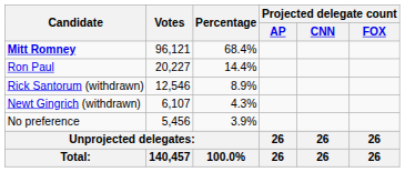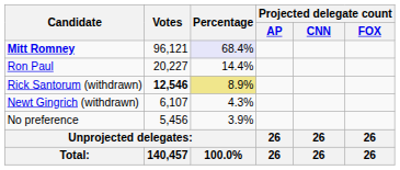 <table class="wikitable" style="text-align:right;">
 <tr>
 <th rowspan="2">Candidate</th>
 <th rowspan="2">Votes</th>
 <th rowspan="2">Percentage</th>
 <th colspan="3">Projected delegate count</th>
 </tr>
 <tr>
 <th><a href='#'>AP</a></th>
 <th><a href='#'>CNN</a><br></th>
 <th><a href='#'>FOX</a><br></th>
 </tr>
 <tr>
 <td style="text-align:left;"> <strong><a href='#'>Mitt Romney</a></strong></td>
 <td>96,121</td>
-<td>68.4%</td>
+<td style="background: lavender;">68.4%</td>
 <td></td>
 <td></td>
 <td></td>
 </tr>
 <tr>
 <td style="text-align:left;"><a href='#'>Ron Paul</a></td>
 <td>20,227</td>
 <td>14.4%</td>
 <td></td>
 <td></td>
 <td></td>
 </tr>
 <tr>
 <td style="text-align:left;"><a href='#'>Rick Santorum</a> (withdrawn)</td>
-<td>12,546</td>
-<td>8.9%</td>
+<td><strong>12,546</strong></td>
+<td style="background: khaki;">8.9%</td>
 <td></td>
 <td></td>
 <td></td>
 </tr>
 <tr>
 <td style="text-align:left;"><a href='#'>Newt Gingrich</a> (withdrawn)</td>
 <td>6,107</td>
 <td>4.3%</td>
 <td></td>
 <td></td>
 <td></td>
 </tr>
 <tr>
 <td style="text-align:left;">No preference</td>
 <td>5,456</td>
 <td>3.9%</td>
 <td></td>
 <td></td>
 <td></td>
 </tr>
 <tr style="background:#eee;">
 <th colspan="3">Unprojected delegates:</th>
 <th>26</th>
 <th>26</th>
 <th>26</th>
 </tr>
 <tr style="background:#eee;">
 <th>Total:</th>
 <th>140,457</th>
 <th>100.0%</th>
 <th>26</th>
 <th>26</th>
 <th>26</th>
 </tr>
 </table>
